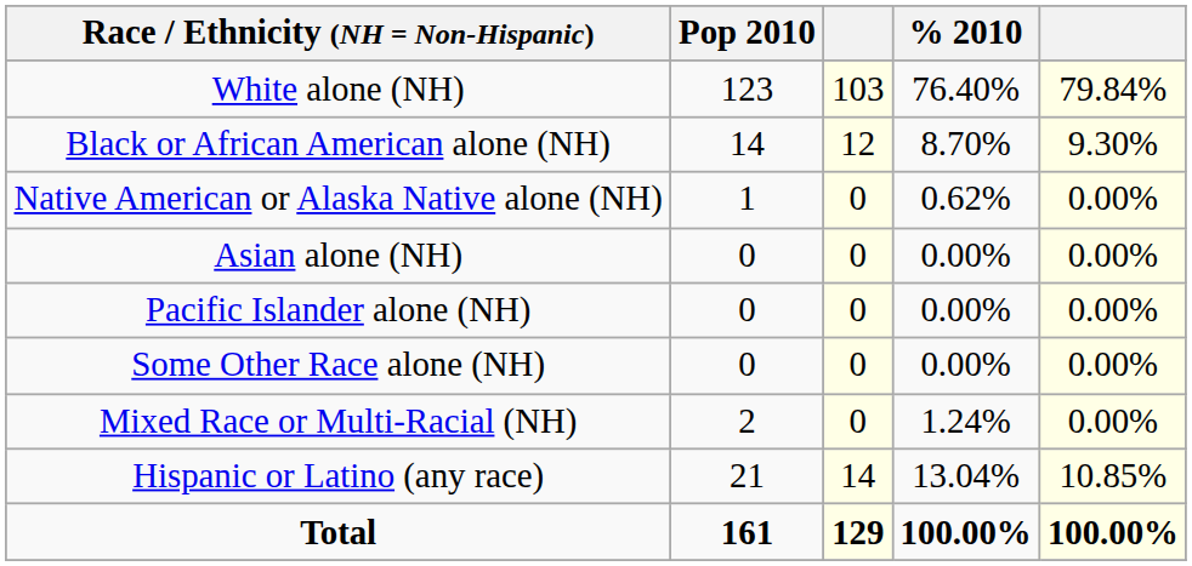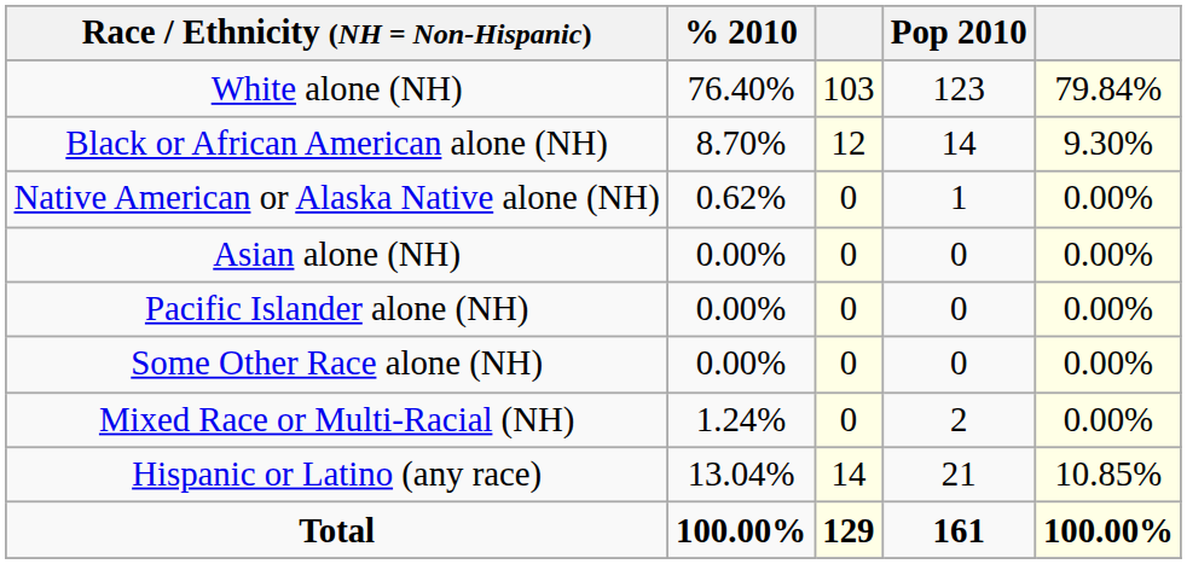 <table class="wikitable" style="text-align:center;">
 <tr>
 <th>Race / Ethnicity <small>(<em>NH = Non-Hispanic</em>)</small></th>
+<th>% 2010</th>
+<th></th>
 <th>Pop 2010</th>
-<th></th>
-<th>% 2010</th>
 <th></th>
 </tr>
 <tr>
 <td><a href='#'>White</a> alone (NH)</td>
+<td>76.40%</td>
+<td style='background: #ffffe6;'>103</td>
 <td>123</td>
-<td style='background: #ffffe6;'>103</td>
-<td>76.40%</td>
 <td style='background: #ffffe6;'>79.84%</td>
 </tr>
 <tr>
 <td><a href='#'>Black or African American</a> alone (NH)</td>
+<td>8.70%</td>
+<td style='background: #ffffe6;'>12</td>
 <td>14</td>
-<td style='background: #ffffe6;'>12</td>
-<td>8.70%</td>
 <td style='background: #ffffe6;'>9.30%</td>
 </tr>
 <tr>
 <td><a href='#'>Native American</a> or <a href='#'>Alaska Native</a> alone (NH)</td>
+<td>0.62%</td>
+<td style='background: #ffffe6;'>0</td>
 <td>1</td>
-<td style='background: #ffffe6;'>0</td>
-<td>0.62%</td>
 <td style='background: #ffffe6;'>0.00%</td>
 </tr>
 <tr>
 <td><a href='#'>Asian</a> alone (NH)</td>
+<td>0.00%</td>
+<td style='background: #ffffe6;'>0</td>
 <td>0</td>
-<td style='background: #ffffe6;'>0</td>
-<td>0.00%</td>
 <td style='background: #ffffe6;'>0.00%</td>
 </tr>
 <tr>
 <td><a href='#'>Pacific Islander</a> alone (NH)</td>
+<td>0.00%</td>
+<td style='background: #ffffe6;'>0</td>
 <td>0</td>
-<td style='background: #ffffe6;'>0</td>
-<td>0.00%</td>
 <td style='background: #ffffe6;'>0.00%</td>
 </tr>
 <tr>
 <td><a href='#'>Some Other Race</a> alone (NH)</td>
+<td>0.00%</td>
+<td style='background: #ffffe6;'>0</td>
 <td>0</td>
-<td style='background: #ffffe6;'>0</td>
-<td>0.00%</td>
 <td style='background: #ffffe6;'>0.00%</td>
 </tr>
 <tr>
 <td><a href='#'>Mixed Race or Multi-Racial</a> (NH)</td>
+<td>1.24%</td>
+<td style='background: #ffffe6;'>0</td>
 <td>2</td>
-<td style='background: #ffffe6;'>0</td>
-<td>1.24%</td>
 <td style='background: #ffffe6;'>0.00%</td>
 </tr>
 <tr>
 <td><a href='#'>Hispanic or Latino</a> (any race)</td>
+<td>13.04%</td>
+<td style='background: #ffffe6;'>14</td>
 <td>21</td>
-<td style='background: #ffffe6;'>14</td>
-<td>13.04%</td>
 <td style='background: #ffffe6;'>10.85%</td>
 </tr>
 <tr>
 <td><strong>Total</strong></td>
+<td><strong>100.00%</strong></td>
+<td style='background: #ffffe6;'><strong>129</strong></td>
 <td><strong>161</strong></td>
-<td style='background: #ffffe6;'><strong>129</strong></td>
-<td><strong>100.00%</strong></td>
 <td style='background: #ffffe6;'><strong>100.00%</strong></td>
 </tr>
 </table>
